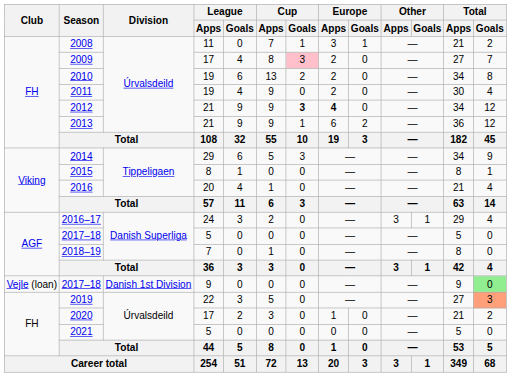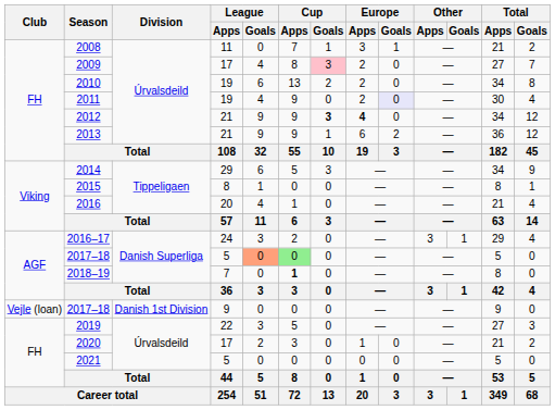 <table class="wikitable" style="text-align: center;">
 <tr>
 <th rowspan="2">Club</th>
 <th rowspan="2">Season</th>
 <th rowspan="2">Division</th>
 <th colspan="2">League</th>
 <th colspan="2">Cup</th>
 <th colspan="2">Europe</th>
 <th colspan="2">Other</th>
 <th colspan="2">Total</th>
 </tr>
 <tr>
 <th>Apps</th>
 <th>Goals</th>
 <th>Apps</th>
 <th>Goals</th>
 <th>Apps</th>
 <th>Goals</th>
 <th>Apps</th>
 <th>Goals</th>
 <th>Apps</th>
 <th>Goals</th>
 </tr>
 <tr>
 <td rowspan="7"><a href='#'>FH</a></td>
 <td><a href='#'>2008</a></td>
 <td rowspan="6"><a href='#'>Úrvalsdeild</a></td>
 <td>11</td>
 <td>0</td>
 <td>7</td>
 <td>1</td>
 <td>3</td>
 <td>1</td>
 <td colspan="2">—</td>
 <td>21</td>
 <td>2</td>
 </tr>
 <tr>
 <td><a href='#'>2009</a></td>
 <td>17</td>
 <td>4</td>
 <td>8</td>
 <td style="background: pink;">3</td>
 <td>2</td>
 <td>0</td>
 <td colspan="2">—</td>
 <td>27</td>
 <td>7</td>
 </tr>
 <tr>
 <td><a href='#'>2010</a></td>
 <td>19</td>
 <td>6</td>
 <td>13</td>
 <td>2</td>
 <td>2</td>
 <td>0</td>
 <td colspan="2">—</td>
 <td>34</td>
 <td>8</td>
 </tr>
 <tr>
 <td><a href='#'>2011</a></td>
 <td>19</td>
 <td>4</td>
 <td>9</td>
 <td>0</td>
 <td>2</td>
-<td>0</td>
+<td style="background: lavender;">0</td>
 <td colspan="2">—</td>
 <td>30</td>
 <td>4</td>
 </tr>
 <tr>
 <td><a href='#'>2012</a></td>
 <td>21</td>
 <td>9</td>
 <td>9</td>
 <td><strong>3</strong></td>
 <td><strong>4</strong></td>
 <td>0</td>
 <td colspan="2">—</td>
 <td>34</td>
 <td>12</td>
 </tr>
 <tr>
 <td><a href='#'>2013</a></td>
 <td>21</td>
 <td>9</td>
 <td>9</td>
 <td>1</td>
 <td>6</td>
 <td>2</td>
 <td colspan="2">—</td>
 <td>36</td>
 <td>12</td>
 </tr>
 <tr>
 <th colspan="2">Total</th>
 <th>108</th>
 <th>32</th>
 <th>55</th>
 <th>10</th>
 <th>19</th>
 <th>3</th>
 <th colspan="2">—</th>
 <th>182</th>
 <th>45</th>
 </tr>
 <tr>
 <td rowspan="4"><a href='#'>Viking</a></td>
 <td><a href='#'>2014</a></td>
 <td rowspan="3"><a href='#'>Tippeligaen</a></td>
 <td>29</td>
 <td>6</td>
 <td>5</td>
 <td>3</td>
 <td colspan="2">—</td>
 <td colspan="2">—</td>
 <td>34</td>
 <td>9</td>
 </tr>
 <tr>
 <td><a href='#'>2015</a></td>
 <td>8</td>
 <td>1</td>
 <td>0</td>
 <td>0</td>
 <td colspan="2">—</td>
 <td colspan="2">—</td>
 <td>8</td>
 <td>1</td>
 </tr>
 <tr>
 <td><a href='#'>2016</a></td>
 <td>20</td>
 <td>4</td>
 <td>1</td>
 <td>0</td>
 <td colspan="2">—</td>
 <td colspan="2">—</td>
 <td>21</td>
 <td>4</td>
 </tr>
 <tr>
 <th colspan="2">Total</th>
 <th>57</th>
 <th>11</th>
 <th>6</th>
 <th>3</th>
 <th colspan="2">—</th>
 <th colspan="2">—</th>
 <th>63</th>
 <th>14</th>
 </tr>
 <tr>
 <td rowspan="4"><a href='#'>AGF</a></td>
 <td><a href='#'>2016–17</a></td>
 <td rowspan="3"><a href='#'>Danish Superliga</a></td>
 <td>24</td>
 <td>3</td>
 <td>2</td>
 <td>0</td>
 <td colspan="2">—</td>
 <td>3</td>
 <td>1</td>
 <td>29</td>
 <td>4</td>
 </tr>
 <tr>
 <td><a href='#'>2017–18</a></td>
 <td>5</td>
-<td>0</td>
-<td>0</td>
+<td style="background: lightsalmon;">0</td>
+<td style="background: lightgreen;">0</td>
 <td>0</td>
 <td colspan="2">—</td>
 <td colspan="2">—</td>
 <td>5</td>
 <td>0</td>
 </tr>
 <tr>
 <td><a href='#'>2018–19</a></td>
 <td>7</td>
 <td>0</td>
-<td>1</td>
+<td><strong>1</strong></td>
 <td>0</td>
 <td colspan="2">—</td>
 <td colspan="2">—</td>
 <td>8</td>
 <td>0</td>
 </tr>
 <tr>
 <th colspan="2">Total</th>
 <th>36</th>
 <th>3</th>
 <th>3</th>
 <th>0</th>
 <th colspan="2">—</th>
 <th>3</th>
 <th>1</th>
 <th>42</th>
 <th>4</th>
 </tr>
 <tr>
 <td><a href='#'>Vejle</a> (loan)</td>
 <td><a href='#'>2017–18</a></td>
 <td><a href='#'>Danish 1st Division</a></td>
 <td>9</td>
 <td>0</td>
 <td>0</td>
 <td>0</td>
 <td colspan="2">—</td>
 <td colspan="2">—</td>
 <td>9</td>
-<td style="background: lightgreen;">0</td>
+<td>0</td>
 </tr>
 <tr>
 <td rowspan="4">FH</td>
 <td><a href='#'>2019</a></td>
 <td rowspan="3">Úrvalsdeild</td>
 <td>22</td>
 <td>3</td>
 <td>5</td>
 <td>0</td>
 <td colspan="2">—</td>
 <td colspan="2">—</td>
 <td>27</td>
-<td style="background: lightsalmon;">3</td>
+<td>3</td>
 </tr>
 <tr>
 <td><a href='#'>2020</a></td>
 <td>17</td>
 <td>2</td>
 <td>3</td>
 <td>0</td>
 <td>1</td>
 <td>0</td>
 <td colspan="2">—</td>
 <td>21</td>
 <td>2</td>
 </tr>
 <tr>
 <td><a href='#'>2021</a></td>
 <td>5</td>
 <td>0</td>
 <td>0</td>
 <td>0</td>
 <td>0</td>
 <td>0</td>
 <td colspan="2">—</td>
 <td>5</td>
 <td>0</td>
 </tr>
 <tr>
 <th colspan="2">Total</th>
 <th>44</th>
 <th>5</th>
 <th>8</th>
 <th>0</th>
 <th>1</th>
 <th>0</th>
 <th colspan="2">—</th>
 <th>53</th>
 <th>5</th>
 </tr>
 <tr>
 <th colspan="3">Career total</th>
 <th>254</th>
 <th>51</th>
 <th>72</th>
 <th>13</th>
 <th>20</th>
 <th>3</th>
 <th>3</th>
 <th>1</th>
 <th>349</th>
 <th>68</th>
 </tr>
 </table>
